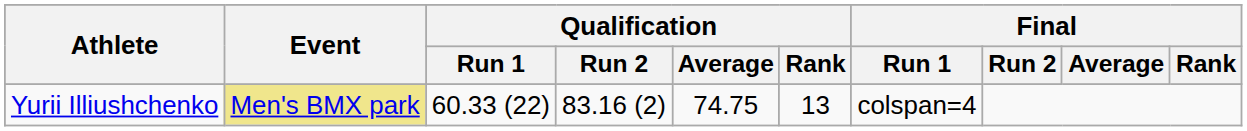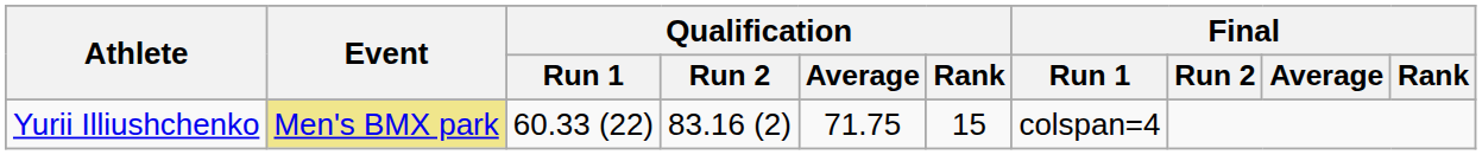 <table class="wikitable" style="font-size:90%">
 <tr>
 <th rowspan=2>Athlete</th>
 <th rowspan=2>Event</th>
 <th colspan=4>Qualification</th>
 <th colspan=4>Final</th>
 </tr>
 <tr style="font-size:95%">
 <th>Run 1</th>
 <th>Run 2</th>
 <th>Average</th>
 <th>Rank</th>
 <th>Run 1</th>
 <th>Run 2</th>
 <th>Average</th>
 <th>Rank</th>
 </tr>
 <tr align=center>
 <td align=left><a href='#'>Yurii Illiushchenko</a></td>
 <td align=left style="background: khaki;"><a href='#'>Men's BMX park</a></td>
 <td>60.33 (22)</td>
 <td>83.16 (2)</td>
-<td>74.75</td>
-<td>13</td>
+<td>71.75</td>
+<td>15</td>
 <td>colspan=4 </td>
 </tr>
 </table>
